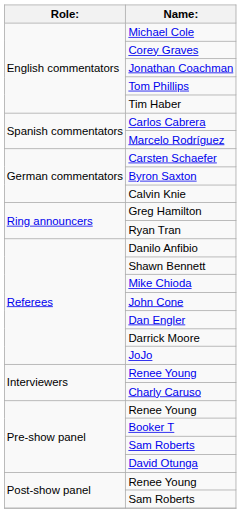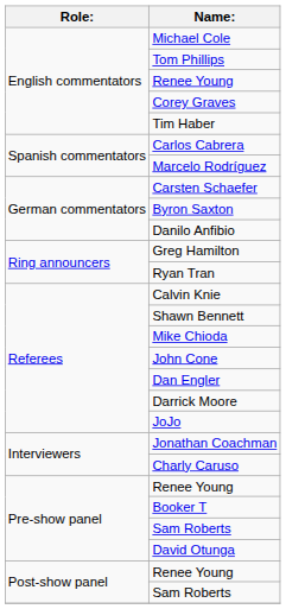 <table class=wikitable style="font-size:90%; margin: 0.5em 0 0.5em 1em; float: right; clear: right;">
 <tr>
 <th>Role:</th>
 <th>Name:</th>
 </tr>
 <tr>
 <td rowspan=5>English commentators</td>
 <td><a href='#'>Michael Cole</a> </td>
 </tr>
 <tr>
-<td><a href='#'>Corey Graves</a> </td>
+<td><a href='#'>Tom Phillips</a> </td>
 </tr>
 <tr>
-<td><a href='#'>Jonathan Coachman</a> </td>
+<td><a href='#'>Renee Young</a></td>
 </tr>
 <tr>
-<td><a href='#'>Tom Phillips</a> </td>
+<td><a href='#'>Corey Graves</a> </td>
 </tr>
 <tr>
 <td>Tim Haber</td>
 </tr>
 <tr>
 <td rowspan=2>Spanish commentators</td>
 <td><a href='#'>Carlos Cabrera</a></td>
 </tr>
 <tr>
 <td><a href='#'>Marcelo Rodríguez</a></td>
 </tr>
 <tr>
 <td rowspan=3>German commentators</td>
 <td><a href='#'>Carsten Schaefer</a></td>
 </tr>
 <tr>
 <td><a href='#'>Byron Saxton</a> </td>
 </tr>
 <tr>
-<td>Calvin Knie</td>
+<td>Danilo Anfibio</td>
 </tr>
 <tr>
 <td rowspan=2><a href='#'>Ring announcers</a></td>
 <td>Greg Hamilton </td>
 </tr>
 <tr>
 <td>Ryan Tran</td>
 </tr>
 <tr>
 <td rowspan=7><a href='#'>Referees</a></td>
-<td>Danilo Anfibio</td>
+<td>Calvin Knie</td>
 </tr>
 <tr>
 <td>Shawn Bennett</td>
 </tr>
 <tr>
 <td><a href='#'>Mike Chioda</a></td>
 </tr>
 <tr>
 <td><a href='#'>John Cone</a></td>
 </tr>
 <tr>
 <td><a href='#'>Dan Engler</a></td>
 </tr>
 <tr>
 <td>Darrick Moore</td>
 </tr>
 <tr>
 <td><a href='#'>JoJo</a> </td>
 </tr>
 <tr>
 <td rowspan=2>Interviewers</td>
-<td><a href='#'>Renee Young</a></td>
+<td><a href='#'>Jonathan Coachman</a> </td>
 </tr>
 <tr>
 <td><a href='#'>Charly Caruso</a></td>
 </tr>
 <tr>
 <td rowspan=4>Pre-show panel</td>
 <td>Renee Young</td>
 </tr>
 <tr>
 <td><a href='#'>Booker T</a></td>
 </tr>
 <tr>
 <td><a href='#'>Sam Roberts</a></td>
 </tr>
 <tr>
 <td><a href='#'>David Otunga</a></td>
 </tr>
 <tr>
 <td rowspan=2>Post-show panel</td>
 <td>Renee Young</td>
 </tr>
 <tr>
 <td>Sam Roberts</td>
 </tr>
 <tr>
 </tr>
 </table>
